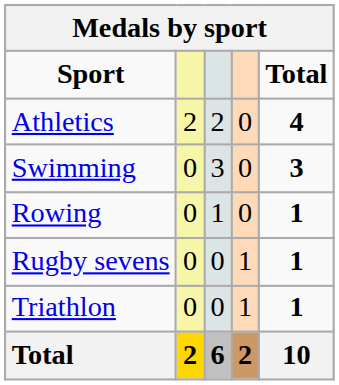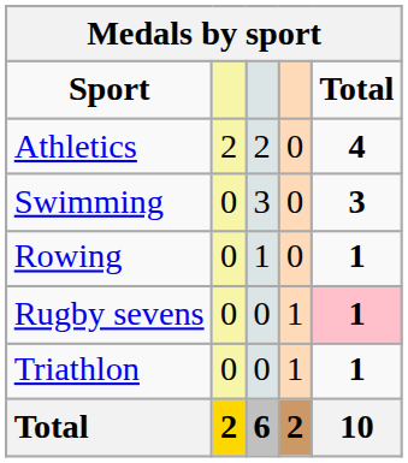 <table class="wikitable" style="text-align:center;font-size:85%">
 <tr style="background:#efefef;">
 <th colspan=7>Medals by sport</th>
 </tr>
 <tr>
 <td><strong>Sport</strong></td>
 <td bgcolor=#f7f6a8></td>
 <td bgcolor=#dce5e5></td>
 <td bgcolor=#ffdab9></td>
 <td><strong>Total</strong></td>
 </tr>
 <tr>
 <td style="text-align:left;"><a href='#'>Athletics</a></td>
 <td style="background:#F7F6A8;">2</td>
 <td style="background:#DCE5E5;">2</td>
 <td style="background:#FFDAB9;">0</td>
 <td><strong>4</strong></td>
 </tr>
 <tr>
 <td style="text-align:left;"><a href='#'>Swimming</a></td>
 <td style="background:#F7F6A8;">0</td>
 <td style="background:#DCE5E5;">3</td>
 <td style="background:#FFDAB9;">0</td>
 <td><strong>3</strong></td>
 </tr>
 <tr>
 <td style="text-align:left;"><a href='#'>Rowing</a></td>
 <td style="background:#F7F6A8;">0</td>
 <td style="background:#DCE5E5;">1</td>
 <td style="background:#FFDAB9;">0</td>
 <td><strong>1</strong></td>
 </tr>
 <tr>
 <td style="text-align:left;"><a href='#'>Rugby sevens</a></td>
 <td style="background:#F7F6A8;">0</td>
 <td style="background:#DCE5E5;">0</td>
 <td style="background:#FFDAB9;">1</td>
-<td><strong>1</strong></td>
+<td style="background: pink;"><strong>1</strong></td>
 </tr>
 <tr>
 <td style="text-align:left;"><a href='#'>Triathlon</a></td>
 <td style="background:#F7F6A8;">0</td>
 <td style="background:#DCE5E5;">0</td>
 <td style="background:#FFDAB9;">1</td>
 <td><strong>1</strong></td>
 </tr>
 <tr>
 <th style="text-align:left;">Total</th>
 <th style="background:gold;">2</th>
 <th style="background:silver;">6</th>
 <th style="background:#c96;">2</th>
 <th>10</th>
 </tr>
 </table>
